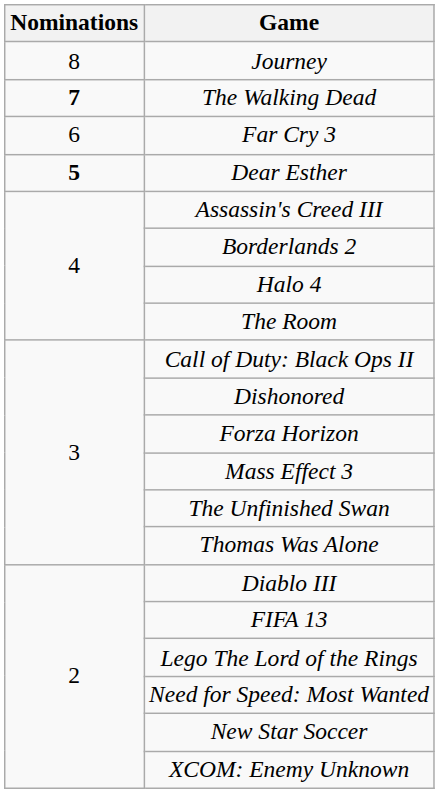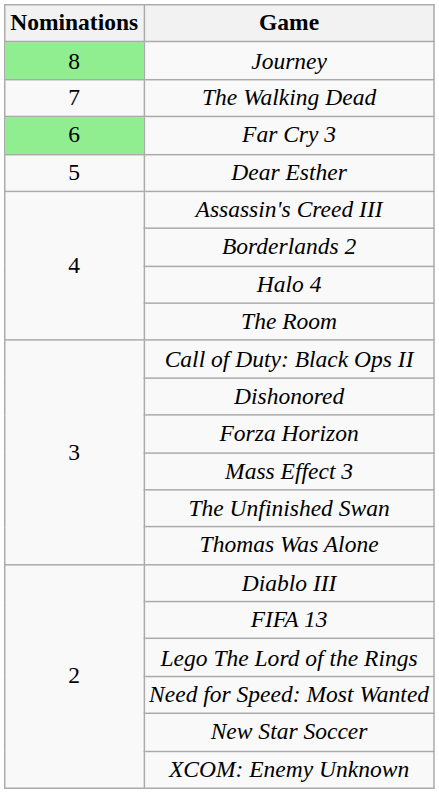 <table class="wikitable" style="text-align:center;">
 <tr>
 <th scope="col" width="55">Nominations</th>
 <th scope="col" align="center">Game</th>
 </tr>
 <tr>
-<td style="text-align:center">8</td>
+<td style="background: lightgreen; text-align:center">8</td>
 <td><em>Journey</em></td>
 </tr>
 <tr>
-<td style="text-align:center"><strong>7</strong></td>
+<td style="text-align:center">7</td>
 <td><em>The Walking Dead</em></td>
 </tr>
 <tr>
-<td style="text-align:center">6</td>
+<td style="background: lightgreen; text-align:center">6</td>
 <td><em>Far Cry 3</em></td>
 </tr>
 <tr>
-<td style="text-align:center"><strong>5</strong></td>
+<td style="text-align:center">5</td>
 <td><em>Dear Esther</em></td>
 </tr>
 <tr>
 <td rowspan=4 style="text-align:center">4</td>
 <td><em>Assassin's Creed III</em></td>
 </tr>
 <tr>
 <td><em>Borderlands 2</em></td>
 </tr>
 <tr>
 <td><em>Halo 4</em></td>
 </tr>
 <tr>
 <td><em>The Room</em></td>
 </tr>
 <tr>
 <td rowspan=6 style="text-align:center">3</td>
 <td><em>Call of Duty: Black Ops II</em></td>
 </tr>
 <tr>
 <td><em>Dishonored</em></td>
 </tr>
 <tr>
 <td><em>Forza Horizon</em></td>
 </tr>
 <tr>
 <td><em>Mass Effect 3</em></td>
 </tr>
 <tr>
 <td><em>The Unfinished Swan</em></td>
 </tr>
 <tr>
 <td><em>Thomas Was Alone</em></td>
 </tr>
 <tr>
 <td rowspan=6 style="text-align:center">2</td>
 <td><em>Diablo III</em></td>
 </tr>
 <tr>
 <td><em>FIFA 13</em></td>
 </tr>
 <tr>
 <td><em>Lego The Lord of the Rings</em></td>
 </tr>
 <tr>
 <td><em>Need for Speed: Most Wanted</em></td>
 </tr>
 <tr>
 <td><em>New Star Soccer</em></td>
 </tr>
 <tr>
 <td><em>XCOM: Enemy Unknown</em></td>
 </tr>
 </table>
